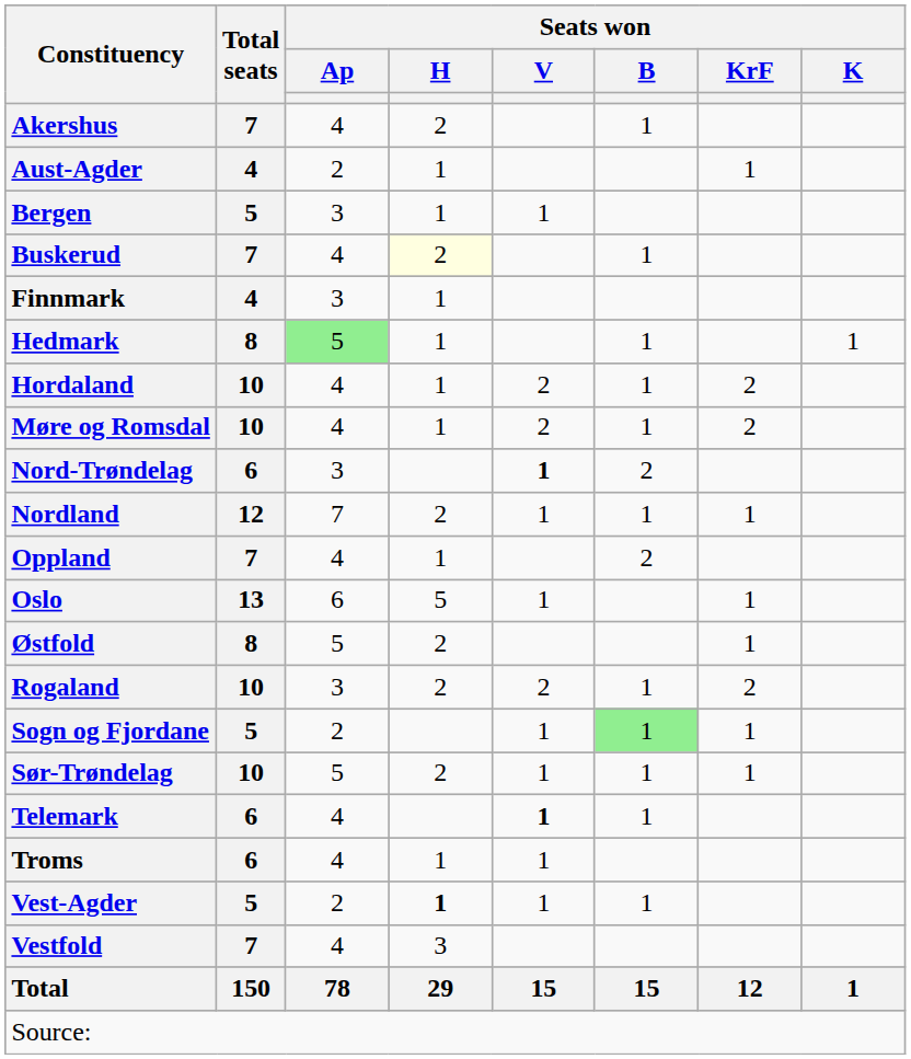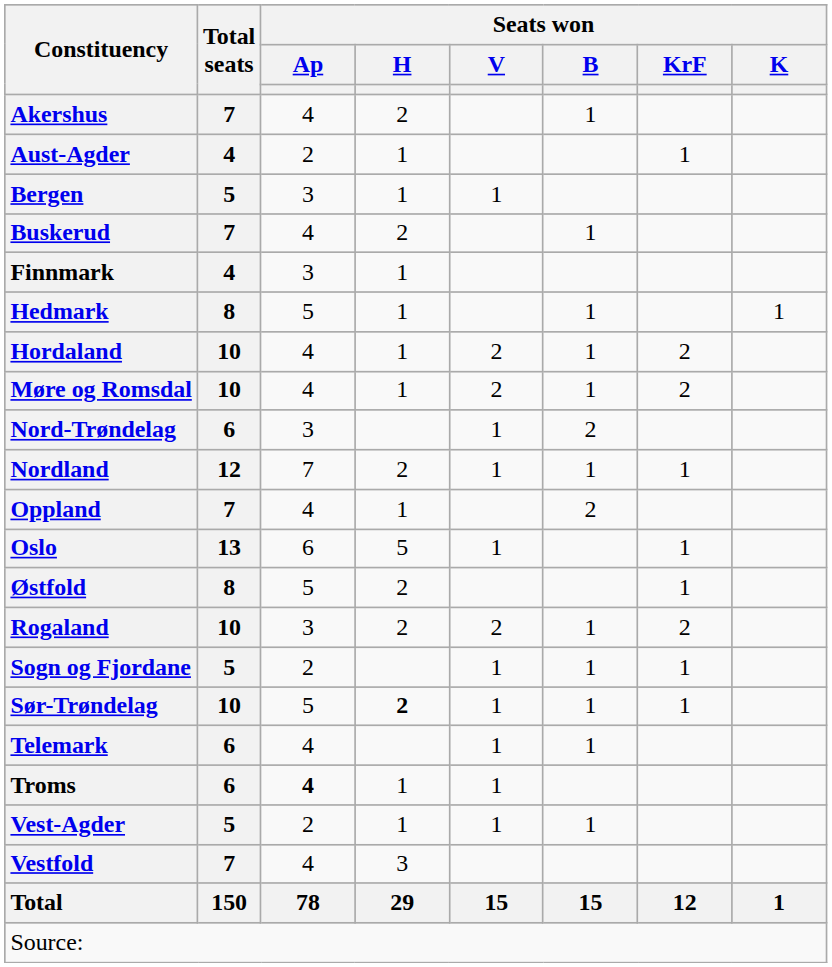 <table class="wikitable" style="text-align:center; font-size: 0.9em;">
 <tr>
 <th rowspan="3">Constituency</th>
 <th rowspan="3">Total<br>seats</th>
 <th colspan="6">Seats won</th>
 </tr>
 <tr>
 <th class="unsortable" style="width:50px;"><a href='#'>Ap</a></th>
 <th class="unsortable" style="width:50px;"><a href='#'>H</a></th>
 <th class="unsortable" style="width:50px;"><a href='#'>V</a></th>
 <th class="unsortable" style="width:50px;"><a href='#'>B</a></th>
 <th class="unsortable" style="width:50px;"><a href='#'>KrF</a></th>
 <th class="unsortable" style="width:50px;"><a href='#'>K</a></th>
 </tr>
 <tr>
 <th style="background:"></th>
 <th style="background:"></th>
 <th style="background:"></th>
 <th style="background:"></th>
 <th style="background:"></th>
 <th style="background:"></th>
 </tr>
 <tr>
 <th style="text-align: left;"><a href='#'>Akershus</a></th>
 <th>7</th>
 <td>4</td>
 <td>2</td>
 <td></td>
 <td>1</td>
 <td></td>
 <td></td>
 </tr>
 <tr>
 <th style="text-align: left;"><a href='#'>Aust-Agder</a></th>
 <th>4</th>
 <td>2</td>
 <td>1</td>
 <td></td>
 <td></td>
 <td>1</td>
 <td></td>
 </tr>
 <tr>
 <th style="text-align: left;"><a href='#'>Bergen</a></th>
 <th>5</th>
 <td>3</td>
 <td>1</td>
 <td>1</td>
 <td></td>
 <td></td>
 <td></td>
 </tr>
 <tr>
 <th style="text-align: left;"><a href='#'>Buskerud</a></th>
 <th>7</th>
 <td>4</td>
-<td style="background: lightyellow;">2</td>
+<td>2</td>
 <td></td>
 <td>1</td>
 <td></td>
 <td></td>
 </tr>
 <tr>
 <th style="text-align: left;">Finnmark</th>
 <th>4</th>
 <td>3</td>
 <td>1</td>
 <td></td>
 <td></td>
 <td></td>
 <td></td>
 </tr>
 <tr>
 <th style="text-align: left;"><a href='#'>Hedmark</a></th>
 <th>8</th>
-<td style="background: lightgreen;">5</td>
+<td>5</td>
 <td>1</td>
 <td></td>
 <td>1</td>
 <td></td>
 <td>1</td>
 </tr>
 <tr>
 <th style="text-align: left;"><a href='#'>Hordaland</a></th>
 <th>10</th>
 <td>4</td>
 <td>1</td>
 <td>2</td>
 <td>1</td>
 <td>2</td>
 <td></td>
 </tr>
 <tr>
 <th style="text-align: left;"><a href='#'>Møre og Romsdal</a></th>
 <th>10</th>
 <td>4</td>
 <td>1</td>
 <td>2</td>
 <td>1</td>
 <td>2</td>
 <td></td>
 </tr>
 <tr>
 <th style="text-align: left;"><a href='#'>Nord-Trøndelag</a></th>
 <th>6</th>
 <td>3</td>
 <td></td>
-<td><strong>1</strong></td>
+<td>1</td>
 <td>2</td>
 <td></td>
 <td></td>
 </tr>
 <tr>
 <th style="text-align: left;"><a href='#'>Nordland</a></th>
 <th>12</th>
 <td>7</td>
 <td>2</td>
 <td>1</td>
 <td>1</td>
 <td>1</td>
 <td></td>
 </tr>
 <tr>
 <th style="text-align: left;"><a href='#'>Oppland</a></th>
 <th>7</th>
 <td>4</td>
 <td>1</td>
 <td></td>
 <td>2</td>
 <td></td>
 <td></td>
 </tr>
 <tr>
 <th style="text-align: left;"><a href='#'>Oslo</a></th>
 <th>13</th>
 <td>6</td>
 <td>5</td>
 <td>1</td>
 <td></td>
 <td>1</td>
 <td></td>
 </tr>
 <tr>
 <th style="text-align: left;"><a href='#'>Østfold</a></th>
 <th>8</th>
 <td>5</td>
 <td>2</td>
 <td></td>
 <td></td>
 <td>1</td>
 <td></td>
 </tr>
 <tr>
 <th style="text-align: left;"><a href='#'>Rogaland</a></th>
 <th>10</th>
 <td>3</td>
 <td>2</td>
 <td>2</td>
 <td>1</td>
 <td>2</td>
 <td></td>
 </tr>
 <tr>
 <th style="text-align: left;"><a href='#'>Sogn og Fjordane</a></th>
 <th>5</th>
 <td>2</td>
 <td></td>
 <td>1</td>
-<td style="background: lightgreen;">1</td>
+<td>1</td>
 <td>1</td>
 <td></td>
 </tr>
 <tr>
 <th style="text-align: left;"><a href='#'>Sør-Trøndelag</a></th>
 <th>10</th>
 <td>5</td>
-<td>2</td>
+<td><strong>2</strong></td>
 <td>1</td>
 <td>1</td>
 <td>1</td>
 <td></td>
 </tr>
 <tr>
 <th style="text-align: left;"><a href='#'>Telemark</a></th>
 <th>6</th>
 <td>4</td>
 <td></td>
-<td><strong>1</strong></td>
+<td>1</td>
 <td>1</td>
 <td></td>
 <td></td>
 </tr>
 <tr>
 <th style="text-align: left;">Troms</th>
 <th>6</th>
-<td>4</td>
+<td><strong>4</strong></td>
 <td>1</td>
 <td>1</td>
 <td></td>
 <td></td>
 <td></td>
 </tr>
 <tr>
 <th style="text-align: left;"><a href='#'>Vest-Agder</a></th>
 <th>5</th>
 <td>2</td>
-<td><strong>1</strong></td>
+<td>1</td>
 <td>1</td>
 <td>1</td>
 <td></td>
 <td></td>
 </tr>
 <tr>
 <th style="text-align: left;"><a href='#'>Vestfold</a></th>
 <th>7</th>
 <td>4</td>
 <td>3</td>
 <td></td>
 <td></td>
 <td></td>
 <td></td>
 </tr>
 <tr>
 <th style="text-align: left;">Total</th>
 <th>150</th>
 <th>78</th>
 <th>29</th>
 <th>15</th>
 <th>15</th>
 <th>12</th>
 <th>1</th>
 </tr>
 <tr>
 <td align=left colspan="8">Source: </td>
 </tr>
 </table>
